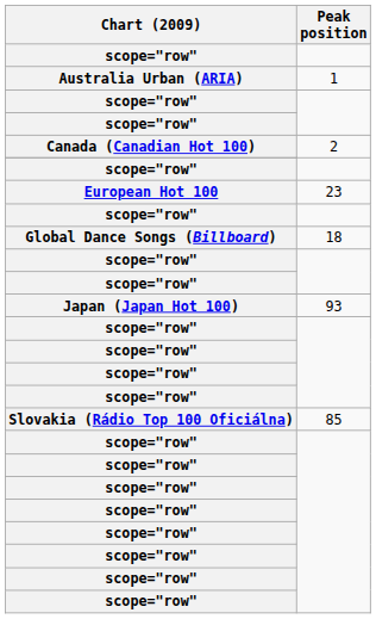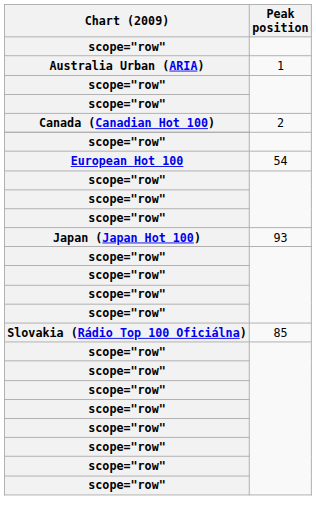 <table class="wikitable sortable plainrowheaders">
 <tr>
 <th scope="col">Chart (2009)</th>
 <th scope="col">Peak<br>position</th>
 </tr>
 <tr>
 <th>scope="row"</th>
 </tr>
 <tr>
 <th scope="row">Australia Urban (<a href='#'>ARIA</a>)</th>
 <td style="text-align:center;">1</td>
 </tr>
 <tr>
 <th>scope="row"</th>
 </tr>
 <tr>
 <th>scope="row"</th>
 </tr>
 <tr>
 <th scope="row">Canada (<a href='#'>Canadian Hot 100</a>)</th>
 <td style="text-align:center;">2</td>
 </tr>
 <tr>
 </tr>
 <tr>
 </tr>
 <tr>
 </tr>
 <tr>
 <th>scope="row"</th>
 </tr>
 <tr>
 <th scope="row"><a href='#'>European Hot 100</a></th>
-<td style="text-align:center;">23</td>
+<td style="text-align:center;">54</td>
 </tr>
 <tr>
 <th>scope="row"</th>
-</tr>
-<tr>
-<th scope="row">Global Dance Songs (<em><a href='#'>Billboard</a></em>)</th>
-<td style="text-align:center;">18</td>
 </tr>
 <tr>
 <th>scope="row"</th>
 </tr>
 <tr>
 <th>scope="row"</th>
 </tr>
 <tr>
 <th scope="row">Japan (<a href='#'>Japan Hot 100</a>)</th>
 <td align="center">93</td>
 </tr>
 <tr>
 <th>scope="row"</th>
 </tr>
 <tr>
 <th>scope="row"</th>
 </tr>
 <tr>
 <th>scope="row"</th>
 </tr>
 <tr>
 <th>scope="row"</th>
 </tr>
 <tr>
 <th scope="row">Slovakia (<a href='#'>Rádio Top 100 Oficiálna</a>)</th>
 <td style="text-align:center;">85</td>
 </tr>
 <tr>
 <th>scope="row"</th>
 </tr>
 <tr>
 <th>scope="row"</th>
 </tr>
 <tr>
 <th>scope="row"</th>
 </tr>
 <tr>
 <th>scope="row"</th>
 </tr>
 <tr>
 <th>scope="row"</th>
 </tr>
 <tr>
 <th>scope="row"</th>
 </tr>
 <tr>
 <th>scope="row"</th>
 </tr>
 <tr>
 <th>scope="row"</th>
 </tr>
 </table>
